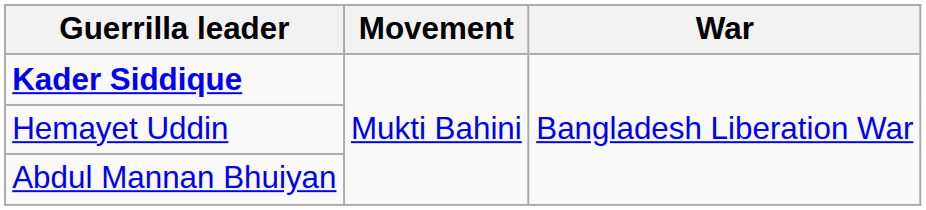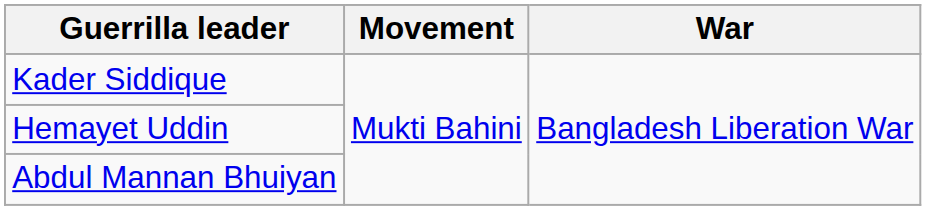 <table class="wikitable">
 <tr>
 <th>Guerrilla leader</th>
 <th>Movement</th>
 <th>War</th>
 </tr>
 <tr>
-<td><strong><a href='#'>Kader Siddique</a></strong></td>
+<td><a href='#'>Kader Siddique</a></td>
 <td rowspan="3"><a href='#'>Mukti Bahini</a></td>
 <td rowspan="3"><a href='#'>Bangladesh Liberation War</a></td>
 </tr>
 <tr>
 <td><a href='#'>Hemayet Uddin</a></td>
 </tr>
 <tr>
 <td><a href='#'>Abdul Mannan Bhuiyan</a></td>
 </tr>
 </table>
